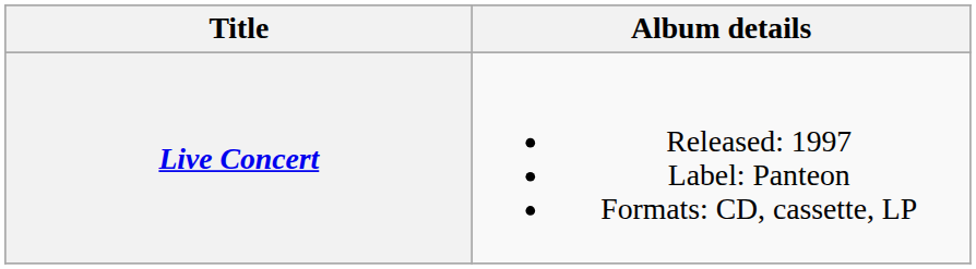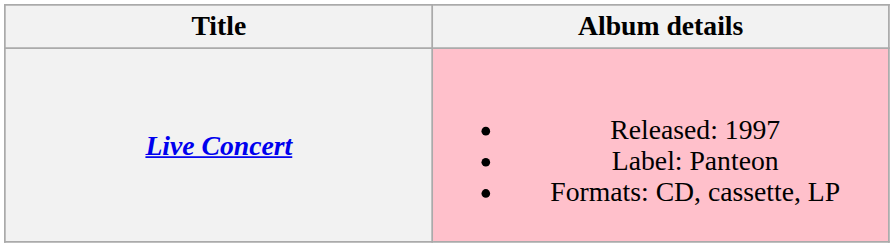 <table class="wikitable plainrowheaders" style="text-align:center;">
 <tr>
 <th scope="col" style="width:15em;">Title</th>
 <th scope="col" style="width:16em;">Album details</th>
 </tr>
 <tr>
 <th scope="row"><em><a href='#'>Live Concert</a></em><br></th>
-<td><br><ul><li>Released: 1997</li><li>Label: Panteon</li><li>Formats: CD, cassette, LP</li></ul></td>
+<td style="background: pink;"><br><ul><li>Released: 1997</li><li>Label: Panteon</li><li>Formats: CD, cassette, LP</li></ul></td>
 </tr>
 </table>
